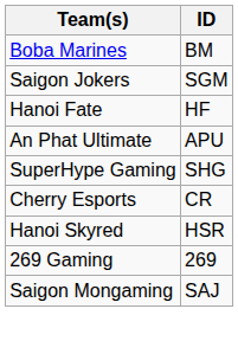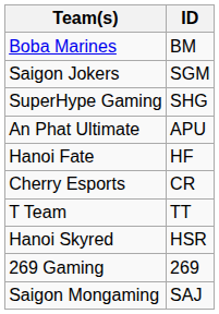 <table class="wikitable">
 <tr>
 <th>Team(s)</th>
 <th>ID</th>
 </tr>
 <tr>
 <td> <a href='#'>Boba Marines</a></td>
 <td>BM</td>
 </tr>
 <tr>
 <td> Saigon Jokers</td>
 <td>SGM</td>
 </tr>
 <tr>
-<td> Hanoi Fate</td>
-<td>HF</td>
+<td> SuperHype Gaming    </td>
+<td>SHG</td>
 </tr>
 <tr>
 <td> An Phat Ultimate</td>
 <td>APU</td>
 </tr>
 <tr>
-<td> SuperHype Gaming    </td>
-<td>SHG</td>
+<td> Hanoi Fate</td>
+<td>HF</td>
 </tr>
 <tr>
 <td> Cherry Esports      </td>
 <td>CR</td>
+</tr>
+<tr>
+<td> T Team</td>
+<td>TT</td>
 </tr>
 <tr>
 <td> Hanoi Skyred</td>
 <td>HSR</td>
 </tr>
 <tr>
 <td> ⁠269 Gaming</td>
 <td>269</td>
 </tr>
 <tr>
 <td> Saigon Mongaming   </td>
 <td>SAJ</td>
 </tr>
 <tr>
 </tr>
 </table>
